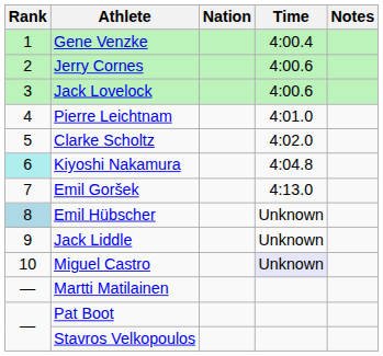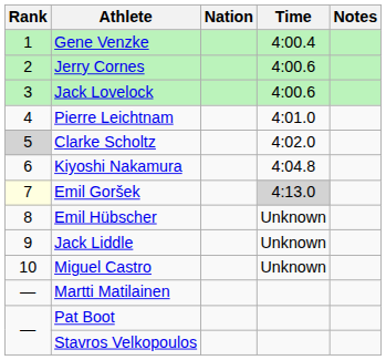 <table class="wikitable sortable" style="text-align:center">
 <tr>
 <th>Rank</th>
 <th>Athlete</th>
 <th>Nation</th>
 <th>Time</th>
 <th>Notes</th>
 </tr>
 <tr bgcolor=bbf3bb>
 <td>1</td>
 <td align=left><a href='#'>Gene Venzke</a></td>
 <td align=left></td>
 <td>4:00.4</td>
 <td></td>
 </tr>
 <tr bgcolor=bbf3bb>
 <td>2</td>
 <td align=left><a href='#'>Jerry Cornes</a></td>
 <td align=left></td>
 <td>4:00.6</td>
 <td></td>
 </tr>
 <tr bgcolor=bbf3bb>
 <td>3</td>
 <td align=left><a href='#'>Jack Lovelock</a></td>
 <td align=left></td>
 <td>4:00.6</td>
 <td></td>
 </tr>
 <tr>
 <td>4</td>
 <td align=left><a href='#'>Pierre Leichtnam</a></td>
 <td align=left></td>
 <td>4:01.0</td>
 <td></td>
 </tr>
 <tr>
-<td>5</td>
+<td style="background: lightgrey;">5</td>
 <td align=left><a href='#'>Clarke Scholtz</a></td>
 <td align=left></td>
 <td>4:02.0</td>
 <td></td>
 </tr>
 <tr>
-<td style="background: paleturquoise;">6</td>
+<td>6</td>
 <td align=left><a href='#'>Kiyoshi Nakamura</a></td>
 <td align=left></td>
 <td>4:04.8</td>
 <td></td>
 </tr>
 <tr>
-<td>7</td>
+<td style="background: lightyellow;">7</td>
 <td align=left><a href='#'>Emil Goršek</a></td>
 <td align=left></td>
-<td>4:13.0</td>
+<td style="background: lightgrey;">4:13.0</td>
 <td></td>
 </tr>
 <tr>
-<td style="background: lightblue;">8</td>
+<td>8</td>
 <td align=left><a href='#'>Emil Hübscher</a></td>
 <td align=left></td>
 <td data-sort-value=5:00.0>Unknown</td>
 <td></td>
 </tr>
 <tr>
 <td>9</td>
 <td align=left><a href='#'>Jack Liddle</a></td>
 <td align=left></td>
 <td data-sort-value=6:00.0>Unknown</td>
 <td></td>
 </tr>
 <tr>
 <td>10</td>
 <td align=left><a href='#'>Miguel Castro</a></td>
 <td align=left></td>
-<td data-sort-value=7:00.0 style="background: lavender;">Unknown</td>
+<td data-sort-value=7:00.0>Unknown</td>
 <td></td>
 </tr>
 <tr>
 <td data-sort-value=11>—</td>
 <td align=left><a href='#'>Martti Matilainen</a></td>
 <td align=left></td>
 <td></td>
 <td></td>
 </tr>
 <tr>
 <td rowspan=2 data-sort-value=12>—</td>
 <td align=left><a href='#'>Pat Boot</a></td>
 <td align=left></td>
 <td data-sort-value=9:99.99></td>
 <td></td>
 </tr>
 <tr>
 <td align=left><a href='#'>Stavros Velkopoulos</a></td>
 <td align=left></td>
 <td data-sort-value=9:99.99></td>
 <td></td>
 </tr>
 </table>
